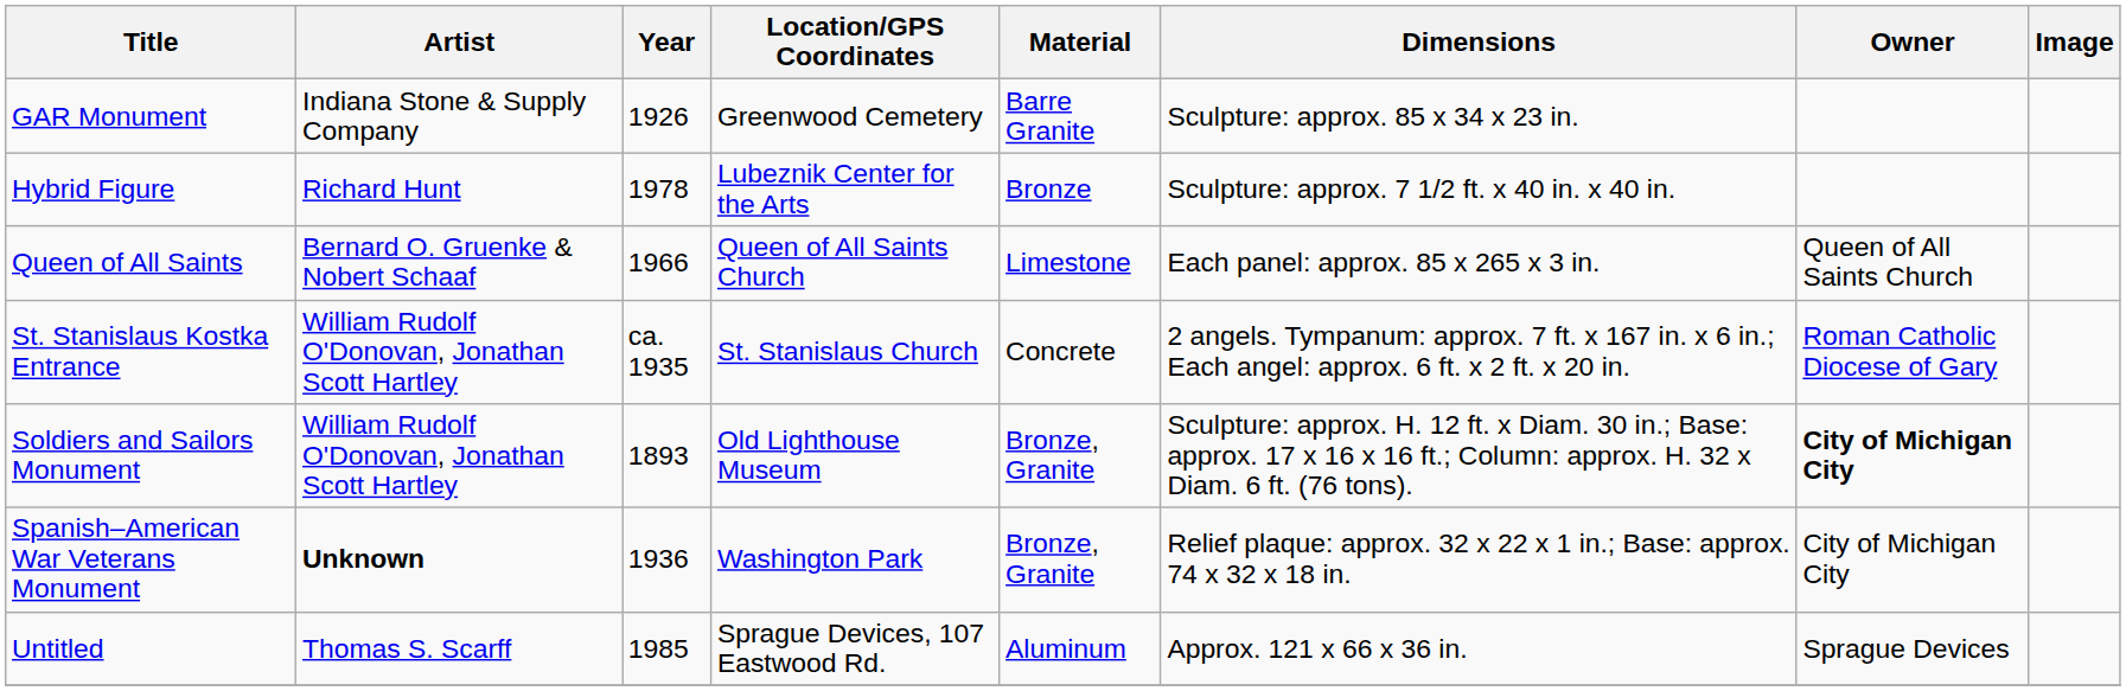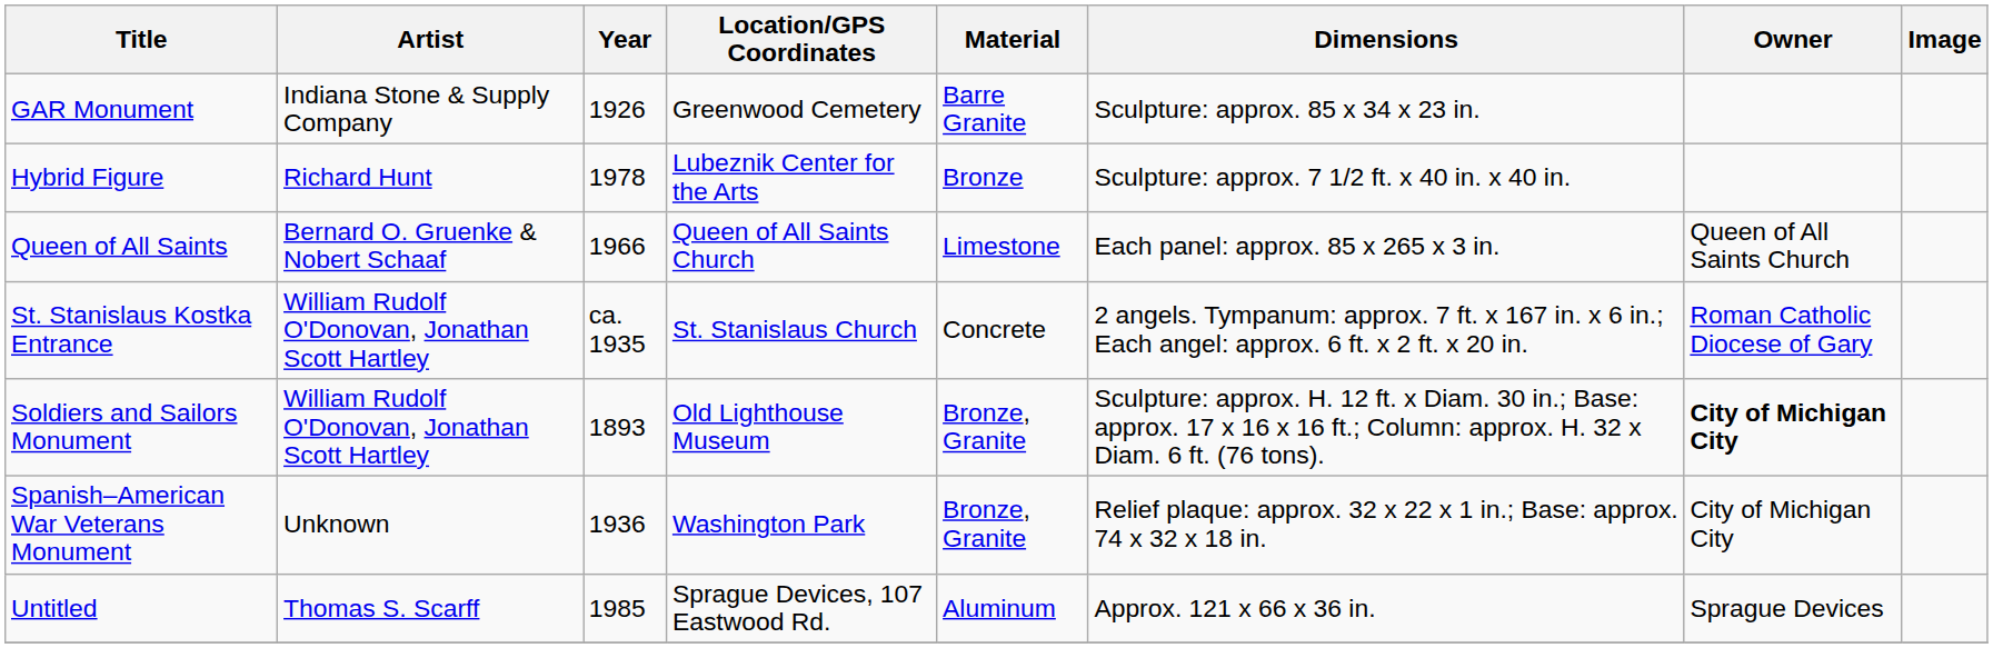 <table class="wikitable sortable">
 <tr>
 <th>Title</th>
 <th>Artist</th>
 <th>Year</th>
 <th>Location/GPS Coordinates</th>
 <th>Material</th>
 <th>Dimensions</th>
 <th>Owner</th>
 <th>Image</th>
 </tr>
 <tr>
 <td><a href='#'>GAR Monument</a></td>
 <td>Indiana Stone & Supply Company</td>
 <td>1926</td>
 <td>Greenwood Cemetery</td>
 <td><a href='#'>Barre Granite</a></td>
 <td>Sculpture: approx. 85 x 34 x 23 in.</td>
 <td></td>
 <td></td>
 </tr>
 <tr>
 <td><a href='#'>Hybrid Figure</a></td>
 <td><a href='#'>Richard Hunt</a></td>
 <td>1978</td>
 <td><a href='#'>Lubeznik Center for the Arts</a></td>
 <td><a href='#'>Bronze</a></td>
 <td>Sculpture: approx. 7 1/2 ft. x 40 in. x 40 in.</td>
 <td></td>
 <td></td>
 </tr>
 <tr>
 <td><a href='#'>Queen of All Saints</a></td>
 <td><a href='#'>Bernard O. Gruenke</a> & <a href='#'>Nobert Schaaf</a></td>
 <td>1966</td>
 <td><a href='#'>Queen of All Saints Church</a></td>
 <td><a href='#'>Limestone</a></td>
 <td>Each panel: approx. 85 x 265 x 3 in.</td>
 <td>Queen of All Saints Church</td>
 <td></td>
 </tr>
 <tr>
 <td><a href='#'>St. Stanislaus Kostka Entrance</a></td>
 <td><a href='#'>William Rudolf O'Donovan</a>, <a href='#'>Jonathan Scott Hartley</a></td>
 <td>ca. 1935</td>
 <td><a href='#'>St. Stanislaus Church</a></td>
 <td>Concrete</td>
 <td>2 angels. Tympanum: approx. 7 ft. x 167 in. x 6 in.; Each angel: approx. 6 ft. x 2 ft. x 20 in.</td>
 <td><a href='#'>Roman Catholic Diocese of Gary</a></td>
 <td></td>
 </tr>
 <tr>
 <td><a href='#'>Soldiers and Sailors Monument</a></td>
 <td><a href='#'>William Rudolf O'Donovan</a>, <a href='#'>Jonathan Scott Hartley</a></td>
 <td>1893</td>
 <td><a href='#'>Old Lighthouse Museum</a></td>
 <td><a href='#'>Bronze</a>, <a href='#'>Granite</a></td>
 <td>Sculpture: approx. H. 12 ft. x Diam. 30 in.; Base: approx. 17 x 16 x 16 ft.; Column: approx. H. 32 x Diam. 6 ft. (76 tons).</td>
 <td><strong>City of Michigan City</strong></td>
 <td></td>
 </tr>
 <tr>
 <td><a href='#'>Spanish–American War Veterans Monument</a></td>
-<td><strong>Unknown</strong></td>
+<td>Unknown</td>
 <td>1936</td>
 <td><a href='#'>Washington Park</a></td>
 <td><a href='#'>Bronze</a>, <a href='#'>Granite</a></td>
 <td>Relief plaque: approx. 32 x 22 x 1 in.; Base: approx. 74 x 32 x 18 in.</td>
 <td>City of Michigan City</td>
 <td></td>
 </tr>
 <tr>
 <td><a href='#'>Untitled</a></td>
 <td><a href='#'>Thomas S. Scarff</a></td>
 <td>1985</td>
 <td>Sprague Devices, 107 Eastwood Rd.</td>
 <td><a href='#'>Aluminum</a></td>
 <td>Approx. 121 x 66 x 36 in.</td>
 <td>Sprague Devices</td>
 <td></td>
 </tr>
 <tr>
 </tr>
 </table>
